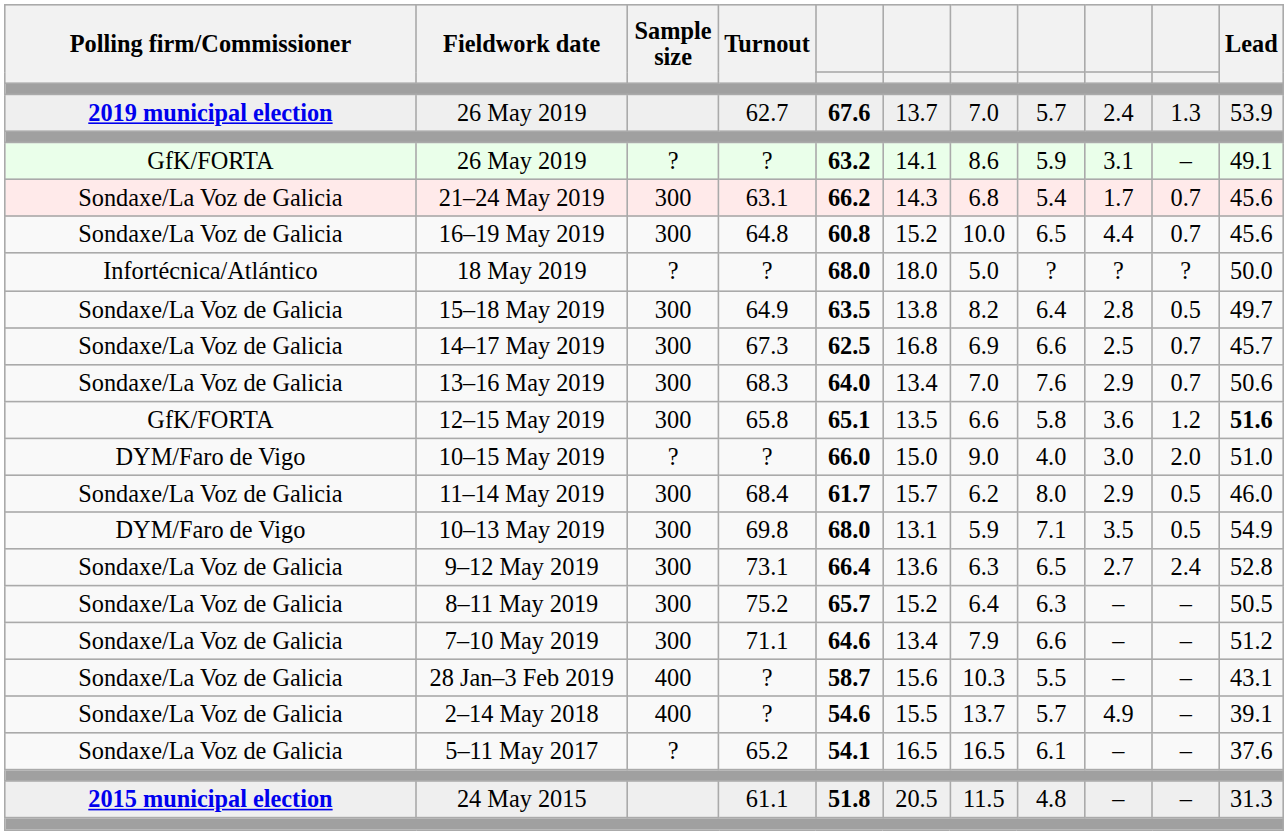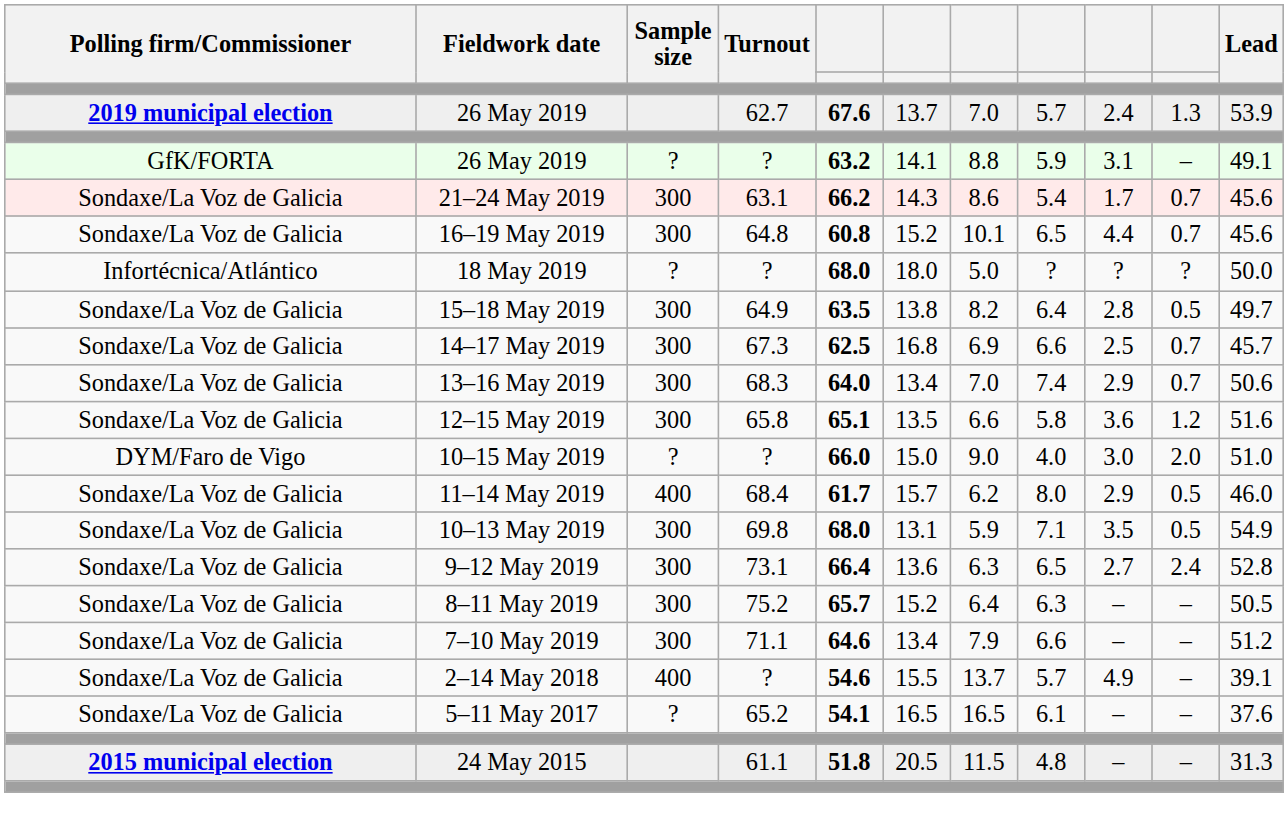 <table class="wikitable collapsible collapsed" style="text-align:center; font-size:95%; line-height:16px;">
 <tr style="height:42px;">
 <th style="width:250px;" rowspan="2">Polling firm/Commissioner</th>
 <th style="width:125px;" rowspan="2">Fieldwork date</th>
 <th style="width:50px;" rowspan="2">Sample size</th>
 <th style="width:45px;" rowspan="2">Turnout</th>
 <th style="width:35px;"></th>
 <th style="width:35px;"></th>
 <th style="width:35px;"></th>
 <th style="width:35px;"></th>
 <th style="width:35px;"></th>
 <th style="width:35px;"></th>
 <th style="width:30px;" rowspan="2">Lead</th>
 </tr>
 <tr>
 <th style="color:inherit;background:"></th>
 <th style="color:inherit;background:"></th>
 <th style="color:inherit;background:"></th>
 <th style="color:inherit;background:"></th>
 <th style="color:inherit;background:"></th>
 <th style="color:inherit;background:"></th>
 </tr>
 <tr>
 <td colspan="11" style="background:#A0A0A0"></td>
 </tr>
 <tr style="background:#EFEFEF;">
 <td><strong><a href='#'>2019 municipal election</a></strong></td>
 <td>26 May 2019</td>
 <td></td>
 <td>62.7</td>
 <td><strong>67.6</strong><br></td>
 <td>13.7<br></td>
 <td>7.0<br></td>
 <td>5.7<br></td>
 <td>2.4<br></td>
 <td>1.3<br></td>
 <td style="background:">53.9</td>
 </tr>
 <tr>
 <td colspan="11" style="background:#A0A0A0"></td>
 </tr>
 <tr style="background:#EAFFEA;">
 <td>GfK/FORTA</td>
 <td>26 May 2019</td>
 <td>?</td>
 <td>?</td>
 <td><strong>63.2</strong><br></td>
 <td>14.1<br></td>
-<td>8.6<br></td>
+<td>8.8<br></td>
 <td>5.9<br></td>
 <td>3.1<br></td>
 <td>–</td>
 <td style="background:">49.1</td>
 </tr>
 <tr style="background:#FFEAEA;">
 <td>Sondaxe/La Voz de Galicia</td>
 <td>21–24 May 2019</td>
 <td>300</td>
 <td>63.1</td>
 <td><strong>66.2</strong><br></td>
 <td>14.3<br></td>
-<td>6.8<br></td>
+<td>8.6<br></td>
 <td>5.4<br></td>
 <td>1.7<br></td>
 <td>0.7<br></td>
 <td style="background:">45.6</td>
 </tr>
 <tr>
 <td>Sondaxe/La Voz de Galicia</td>
 <td>16–19 May 2019</td>
 <td>300</td>
 <td>64.8</td>
 <td><strong>60.8</strong><br></td>
 <td>15.2<br></td>
-<td>10.0<br></td>
+<td>10.1<br></td>
 <td>6.5<br></td>
 <td>4.4<br></td>
 <td>0.7<br></td>
 <td style="background:">45.6</td>
 </tr>
 <tr>
 <td>Infortécnica/Atlántico</td>
 <td>18 May 2019</td>
 <td>?</td>
 <td>?</td>
 <td><strong>68.0</strong><br></td>
 <td>18.0<br></td>
 <td>5.0<br></td>
 <td>?<br></td>
 <td>?<br></td>
 <td>?<br></td>
 <td style="background:">50.0</td>
 </tr>
 <tr>
 <td>Sondaxe/La Voz de Galicia</td>
 <td>15–18 May 2019</td>
 <td>300</td>
 <td>64.9</td>
 <td><strong>63.5</strong><br></td>
 <td>13.8<br></td>
 <td>8.2<br></td>
 <td>6.4<br></td>
 <td>2.8<br></td>
 <td>0.5<br></td>
 <td style="background:">49.7</td>
 </tr>
 <tr>
 <td>Sondaxe/La Voz de Galicia</td>
 <td>14–17 May 2019</td>
 <td>300</td>
 <td>67.3</td>
 <td><strong>62.5</strong><br></td>
 <td>16.8<br></td>
 <td>6.9<br></td>
 <td>6.6<br></td>
 <td>2.5<br></td>
 <td>0.7<br></td>
 <td style="background:">45.7</td>
 </tr>
 <tr>
 <td>Sondaxe/La Voz de Galicia</td>
 <td>13–16 May 2019</td>
 <td>300</td>
 <td>68.3</td>
 <td><strong>64.0</strong><br></td>
 <td>13.4<br></td>
 <td>7.0<br></td>
-<td>7.6<br></td>
+<td>7.4<br></td>
 <td>2.9<br></td>
 <td>0.7<br></td>
 <td style="background:">50.6</td>
 </tr>
 <tr>
-<td>GfK/FORTA</td>
+<td>Sondaxe/La Voz de Galicia</td>
 <td>12–15 May 2019</td>
 <td>300</td>
 <td>65.8</td>
 <td><strong>65.1</strong><br></td>
 <td>13.5<br></td>
 <td>6.6<br></td>
 <td>5.8<br></td>
 <td>3.6<br></td>
 <td>1.2<br></td>
-<td style="background:"><strong>51.6</strong></td>
+<td style="background:">51.6</td>
 </tr>
 <tr>
 <td>DYM/Faro de Vigo</td>
 <td>10–15 May 2019</td>
 <td>?</td>
 <td>?</td>
 <td><strong>66.0</strong><br></td>
 <td>15.0<br></td>
 <td>9.0<br></td>
 <td>4.0<br></td>
 <td>3.0<br></td>
 <td>2.0<br></td>
 <td style="background:">51.0</td>
 </tr>
 <tr>
 <td>Sondaxe/La Voz de Galicia</td>
 <td>11–14 May 2019</td>
-<td>300</td>
+<td>400</td>
 <td>68.4</td>
 <td><strong>61.7</strong><br></td>
 <td>15.7<br></td>
 <td>6.2<br></td>
 <td>8.0<br></td>
 <td>2.9<br></td>
 <td>0.5<br></td>
 <td style="background:">46.0</td>
 </tr>
 <tr>
-<td>DYM/Faro de Vigo</td>
+<td>Sondaxe/La Voz de Galicia</td>
 <td>10–13 May 2019</td>
 <td>300</td>
 <td>69.8</td>
 <td><strong>68.0</strong><br></td>
 <td>13.1<br></td>
 <td>5.9<br></td>
 <td>7.1<br></td>
 <td>3.5<br></td>
 <td>0.5<br></td>
 <td style="background:">54.9</td>
 </tr>
 <tr>
 <td>Sondaxe/La Voz de Galicia</td>
 <td>9–12 May 2019</td>
 <td>300</td>
 <td>73.1</td>
 <td><strong>66.4</strong><br></td>
 <td>13.6<br></td>
 <td>6.3<br></td>
 <td>6.5<br></td>
 <td>2.7<br></td>
 <td>2.4<br></td>
 <td style="background:">52.8</td>
 </tr>
 <tr>
 <td>Sondaxe/La Voz de Galicia</td>
 <td>8–11 May 2019</td>
 <td>300</td>
 <td>75.2</td>
 <td><strong>65.7</strong><br></td>
 <td>15.2<br></td>
 <td>6.4<br></td>
 <td>6.3<br></td>
 <td>–</td>
 <td>–</td>
 <td style="background:">50.5</td>
 </tr>
 <tr>
 <td>Sondaxe/La Voz de Galicia</td>
 <td>7–10 May 2019</td>
 <td>300</td>
 <td>71.1</td>
 <td><strong>64.6</strong><br></td>
 <td>13.4<br></td>
 <td>7.9<br></td>
 <td>6.6<br></td>
 <td>–</td>
 <td>–</td>
 <td style="background:">51.2</td>
 </tr>
 <tr>
 <td>Sondaxe/La Voz de Galicia</td>
-<td>28 Jan–3 Feb 2019</td>
-<td>400</td>
-<td>?</td>
-<td><strong>58.7</strong><br></td>
-<td>15.6<br></td>
-<td>10.3<br></td>
-<td>5.5<br></td>
-<td>–</td>
-<td>–</td>
-<td style="background:">43.1</td>
-</tr>
-<tr>
-<td>Sondaxe/La Voz de Galicia</td>
 <td>2–14 May 2018</td>
 <td>400</td>
 <td>?</td>
 <td><strong>54.6</strong><br></td>
 <td>15.5<br></td>
 <td>13.7<br></td>
 <td>5.7<br></td>
 <td>4.9<br></td>
 <td>–</td>
 <td style="background:">39.1</td>
 </tr>
 <tr>
 <td>Sondaxe/La Voz de Galicia</td>
 <td>5–11 May 2017</td>
 <td>?</td>
 <td>65.2</td>
 <td><strong>54.1</strong><br></td>
 <td>16.5<br></td>
 <td>16.5<br></td>
 <td>6.1<br></td>
 <td>–</td>
 <td>–</td>
 <td style="background:">37.6</td>
 </tr>
 <tr>
 <td colspan="11" style="background:#A0A0A0"></td>
 </tr>
 <tr style="background:#EFEFEF;">
 <td><strong><a href='#'>2015 municipal election</a></strong></td>
 <td>24 May 2015</td>
 <td></td>
 <td>61.1</td>
 <td><strong>51.8</strong><br></td>
 <td>20.5<br></td>
 <td>11.5<br></td>
 <td>4.8<br></td>
 <td>–</td>
 <td>–</td>
 <td style="background:">31.3</td>
 </tr>
 <tr>
 <td colspan="11" style="background:#A0A0A0"></td>
 </tr>
 </table>
